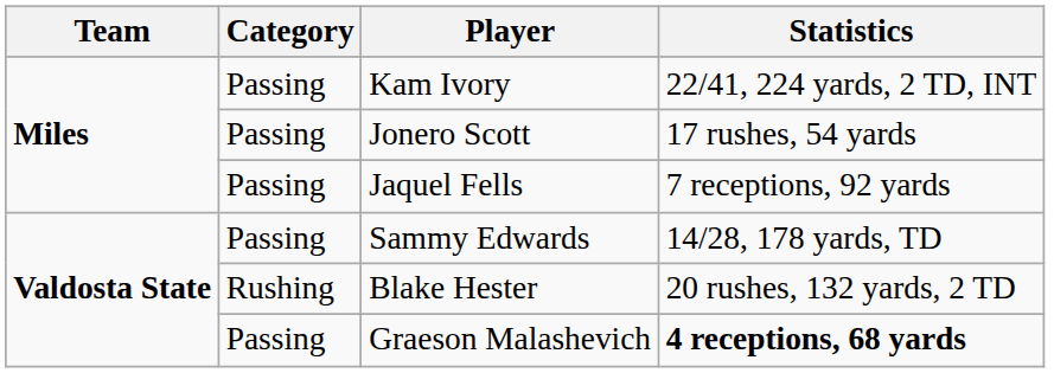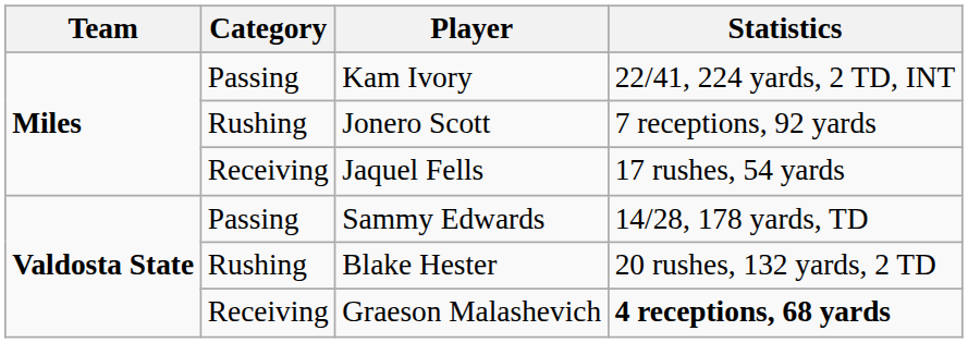 <table class="wikitable" style="float: left;">
 <tr>
 <th>Team</th>
 <th>Category</th>
 <th>Player</th>
 <th>Statistics</th>
 </tr>
 <tr>
 <td rowspan=3><strong>Miles</strong></td>
 <td>Passing</td>
 <td>Kam Ivory</td>
 <td>22/41, 224 yards, 2 TD, INT</td>
 </tr>
 <tr>
-<td>Passing</td>
+<td>Rushing</td>
 <td>Jonero Scott</td>
-<td>17 rushes, 54 yards</td>
+<td>7 receptions, 92 yards</td>
 </tr>
 <tr>
-<td>Passing</td>
+<td>Receiving</td>
 <td>Jaquel Fells</td>
-<td>7 receptions, 92 yards</td>
+<td>17 rushes, 54 yards</td>
 </tr>
 <tr>
 <td rowspan=3><strong>Valdosta State</strong></td>
 <td>Passing</td>
 <td>Sammy Edwards</td>
 <td>14/28, 178 yards, TD</td>
 </tr>
 <tr>
 <td>Rushing</td>
 <td>Blake Hester</td>
 <td>20 rushes, 132 yards, 2 TD</td>
 </tr>
 <tr>
-<td>Passing</td>
+<td>Receiving</td>
 <td>Graeson Malashevich</td>
 <td><strong>4 receptions, 68 yards</strong></td>
 </tr>
 </table>
